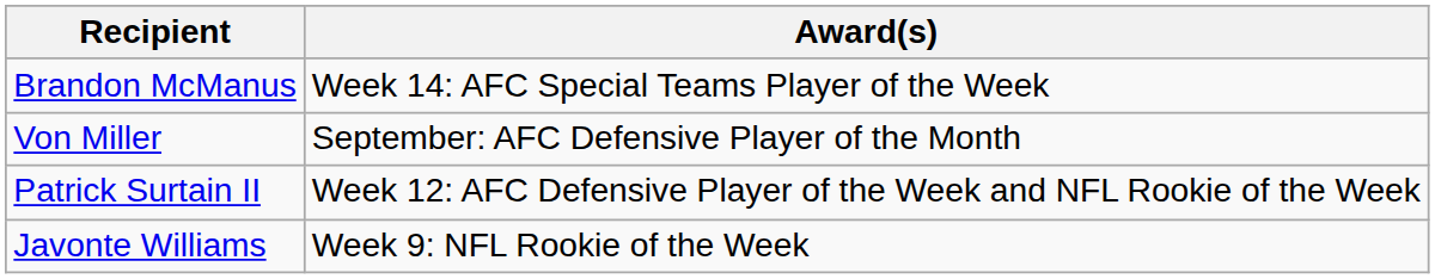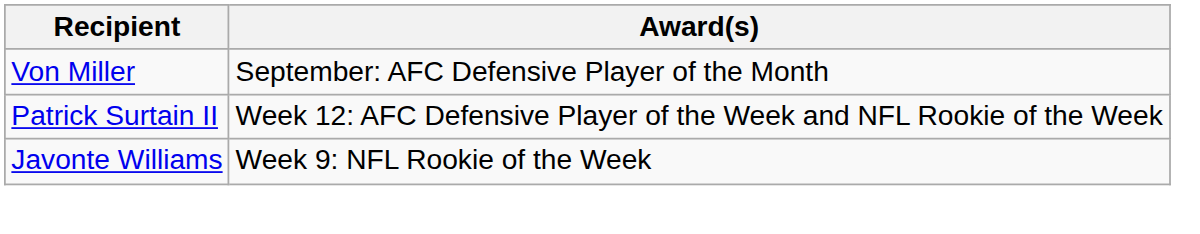 <table class="wikitable">
 <tr>
 <th>Recipient</th>
 <th>Award(s)</th>
-</tr>
-<tr>
-<td><a href='#'>Brandon McManus</a></td>
-<td>Week 14: AFC Special Teams Player of the Week</td>
 </tr>
 <tr>
 <td><a href='#'>Von Miller</a></td>
 <td>September: AFC Defensive Player of the Month</td>
 </tr>
 <tr>
 <td><a href='#'>Patrick Surtain II</a></td>
 <td>Week 12: AFC Defensive Player of the Week and NFL Rookie of the Week</td>
 </tr>
 <tr>
 <td><a href='#'>Javonte Williams</a></td>
 <td>Week 9: NFL Rookie of the Week</td>
 </tr>
 </table>
